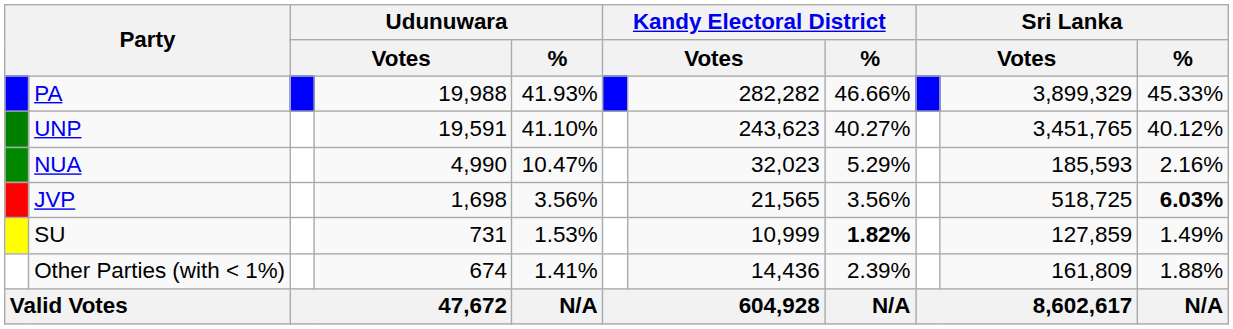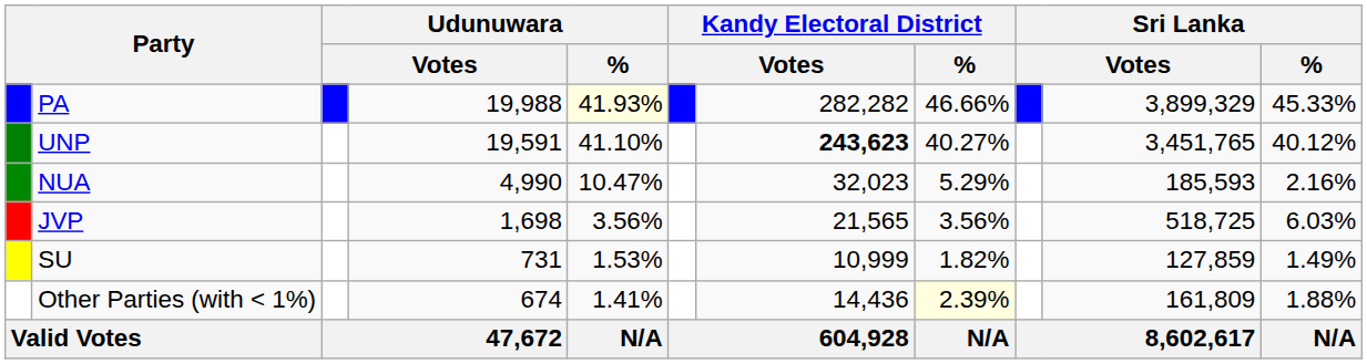 <table class="wikitable">
 <tr>
 <th colspan="2" width="144px"rowspan="2">Party</th>
 <th colspan="3" width="216px">Udunuwara</th>
 <th colspan="3" width="216px"><a href='#'>Kandy Electoral District</a></th>
 <th colspan="3" width="216px">Sri Lanka</th>
 </tr>
 <tr>
 <th colspan="2" width="144px">Votes</th>
 <th>%</th>
 <th colspan="2" width="144px">Votes</th>
 <th>%</th>
 <th colspan="2" width="144px">Votes</th>
 <th>%</th>
 </tr>
 <tr>
 <td style="background-color:blue;" width="10px"></td>
 <td style="text-align:left;"><a href='#'>PA</a></td>
 <td style="background-color:blue;" width="10px"></td>
 <td style="text-align:right;">19,988</td>
-<td style="text-align:right;">41.93%</td>
+<td style="background: lightyellow; text-align:right;">41.93%</td>
 <td style="background-color:blue;" width="10px"></td>
 <td style="text-align:right;">282,282</td>
 <td style="text-align:right;">46.66%</td>
 <td style="background-color:blue;" width="10px"></td>
 <td style="text-align:right;">3,899,329</td>
 <td style="text-align:right;">45.33%</td>
 </tr>
 <tr>
 <td style="background-color:green;" width="10px"></td>
 <td style="text-align:left;"><a href='#'>UNP</a></td>
 <td style="background-color:white;" width="10px"></td>
 <td style="text-align:right;">19,591</td>
 <td style="text-align:right;">41.10%</td>
 <td style="background-color:white;" width="10px"></td>
-<td style="text-align:right;">243,623</td>
+<td style="text-align:right;"><strong>243,623</strong></td>
 <td style="text-align:right;">40.27%</td>
 <td style="background-color:white;" width="10px"></td>
 <td style="text-align:right;">3,451,765</td>
 <td style="text-align:right;">40.12%</td>
 </tr>
 <tr>
 <td style="background-color:#008800;" width="10px"></td>
 <td style="text-align:left;"><a href='#'>NUA</a></td>
 <td style="background-color:white;" width="10px"></td>
 <td style="text-align:right;">4,990</td>
 <td style="text-align:right;">10.47%</td>
 <td style="background-color:white;" width="10px"></td>
 <td style="text-align:right;">32,023</td>
 <td style="text-align:right;">5.29%</td>
 <td style="background-color:white;" width="10px"></td>
 <td style="text-align:right;">185,593</td>
 <td style="text-align:right;">2.16%</td>
 </tr>
 <tr>
 <td style="background-color:red;" width="10px"></td>
 <td style="text-align:left;"><a href='#'>JVP</a></td>
 <td style="background-color:white;" width="10px"></td>
 <td style="text-align:right;">1,698</td>
 <td style="text-align:right;">3.56%</td>
 <td style="background-color:white;" width="10px"></td>
 <td style="text-align:right;">21,565</td>
 <td style="text-align:right;">3.56%</td>
 <td style="background-color:white;" width="10px"></td>
 <td style="text-align:right;">518,725</td>
-<td style="text-align:right;"><strong>6.03%</strong></td>
+<td style="text-align:right;">6.03%</td>
 </tr>
 <tr>
 <td style="background-color:yellow;" width="10px"></td>
 <td style="text-align:left;">SU</td>
 <td style="background-color:white;" width="10px"></td>
 <td style="text-align:right;">731</td>
 <td style="text-align:right;">1.53%</td>
 <td style="background-color:white;" width="10px"></td>
 <td style="text-align:right;">10,999</td>
-<td style="text-align:right;"><strong>1.82%</strong></td>
+<td style="text-align:right;">1.82%</td>
 <td style="background-color:white;" width="10px"></td>
 <td style="text-align:right;">127,859</td>
 <td style="text-align:right;">1.49%</td>
 </tr>
 <tr>
 <td style="background-color:white;" width="10px"></td>
 <td style="text-align:left;">Other Parties (with < 1%)</td>
 <td style="background-color:white;" width="10px"></td>
 <td style="text-align:right;">674</td>
 <td style="text-align:right;">1.41%</td>
 <td style="background-color:white;" width="10px"></td>
 <td style="text-align:right;">14,436</td>
-<td style="text-align:right;">2.39%</td>
+<td style="background: lightyellow; text-align:right;">2.39%</td>
 <td style="background-color:white;" width="10px"></td>
 <td style="text-align:right;">161,809</td>
 <td style="text-align:right;">1.88%</td>
 </tr>
 <tr>
 <th colspan="2" width="144px"style="text-align:left;">Valid Votes</th>
 <th style="text-align:right;"colspan="2" width="144px">47,672</th>
 <th style="text-align:right;">N/A</th>
 <th style="text-align:right;"colspan="2" width="144px">604,928</th>
 <th style="text-align:right;">N/A</th>
 <th style="text-align:right;"colspan="2" width="144px">8,602,617</th>
 <th style="text-align:right;">N/A</th>
 </tr>
 </table>
